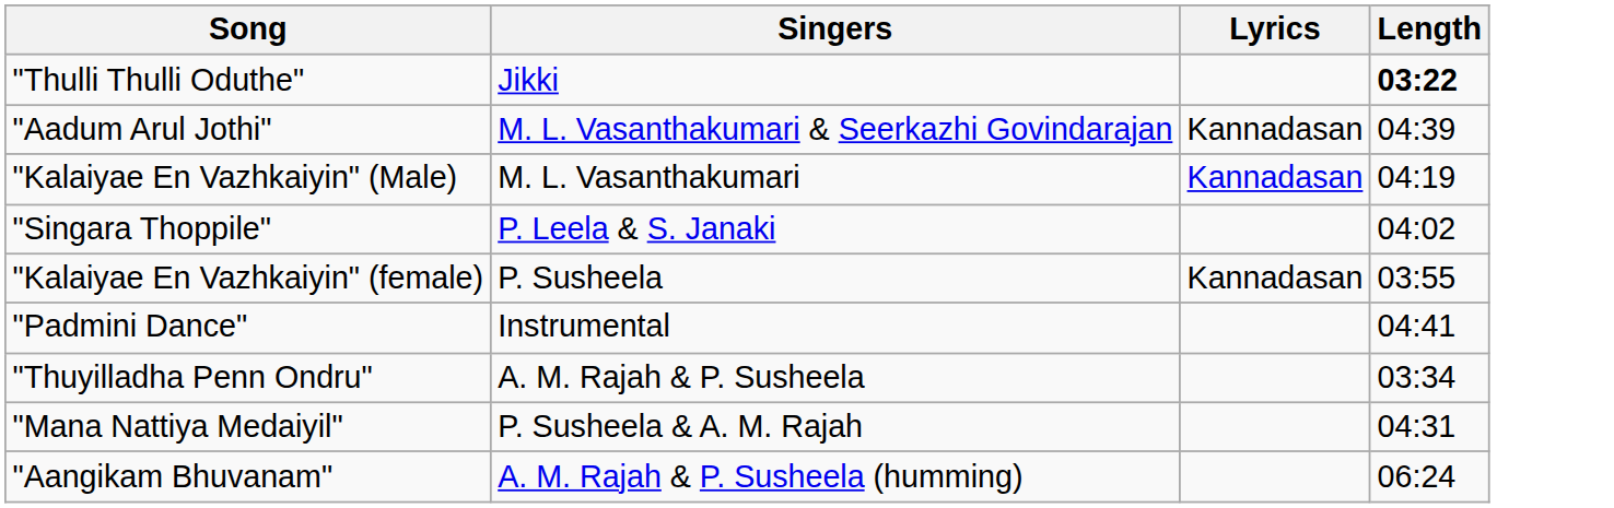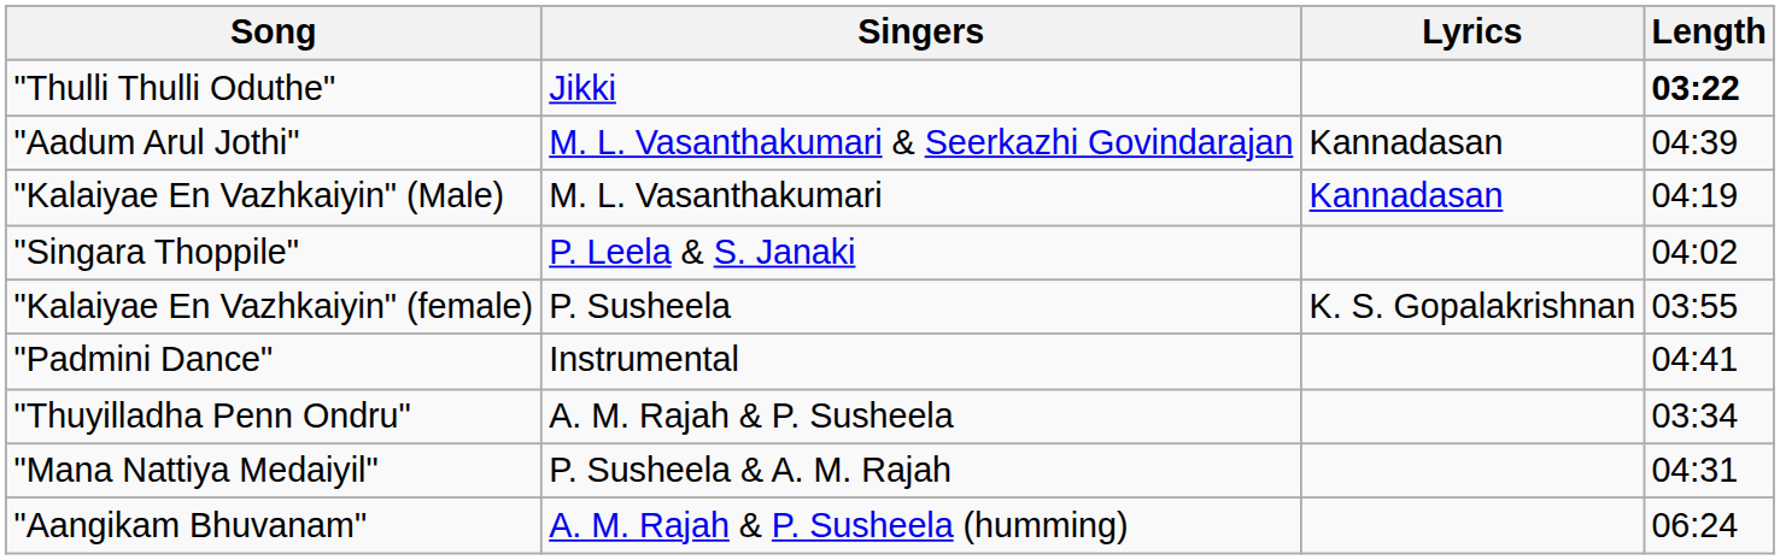 <table class="wikitable" style="border">
 <tr style="background:#cccccf; text-align:center;">
 <th>Song</th>
 <th>Singers</th>
 <th>Lyrics</th>
 <th>Length</th>
 </tr>
 <tr>
 <td>"Thulli Thulli Oduthe"</td>
 <td><a href='#'>Jikki</a></td>
 <td></td>
 <td><strong>03:22</strong></td>
 </tr>
 <tr>
 <td>"Aadum Arul Jothi"</td>
 <td><a href='#'>M. L. Vasanthakumari</a> & <a href='#'>Seerkazhi Govindarajan</a></td>
 <td>Kannadasan</td>
 <td>04:39</td>
 </tr>
 <tr>
 <td>"Kalaiyae En Vazhkaiyin" (Male)</td>
 <td>M. L. Vasanthakumari</td>
 <td><a href='#'>Kannadasan</a></td>
 <td>04:19</td>
 </tr>
 <tr>
 <td>"Singara Thoppile"</td>
 <td><a href='#'>P. Leela</a> & <a href='#'>S. Janaki</a></td>
 <td></td>
 <td>04:02</td>
 </tr>
 <tr>
 <td>"Kalaiyae En Vazhkaiyin" (female)</td>
 <td>P. Susheela</td>
-<td>Kannadasan</td>
+<td>K. S. Gopalakrishnan</td>
 <td>03:55</td>
 </tr>
 <tr>
 <td>"Padmini Dance"</td>
 <td>Instrumental</td>
 <td></td>
 <td>04:41</td>
 </tr>
 <tr>
 <td>"Thuyilladha Penn Ondru"</td>
 <td>A. M. Rajah & P. Susheela</td>
 <td></td>
 <td>03:34</td>
 </tr>
 <tr>
 <td>"Mana Nattiya Medaiyil"</td>
 <td>P. Susheela & A. M. Rajah</td>
 <td></td>
 <td>04:31</td>
 </tr>
 <tr>
 <td>"Aangikam Bhuvanam"</td>
 <td><a href='#'>A. M. Rajah</a> & <a href='#'>P. Susheela</a> (humming)</td>
 <td></td>
 <td>06:24</td>
 </tr>
 </table>
